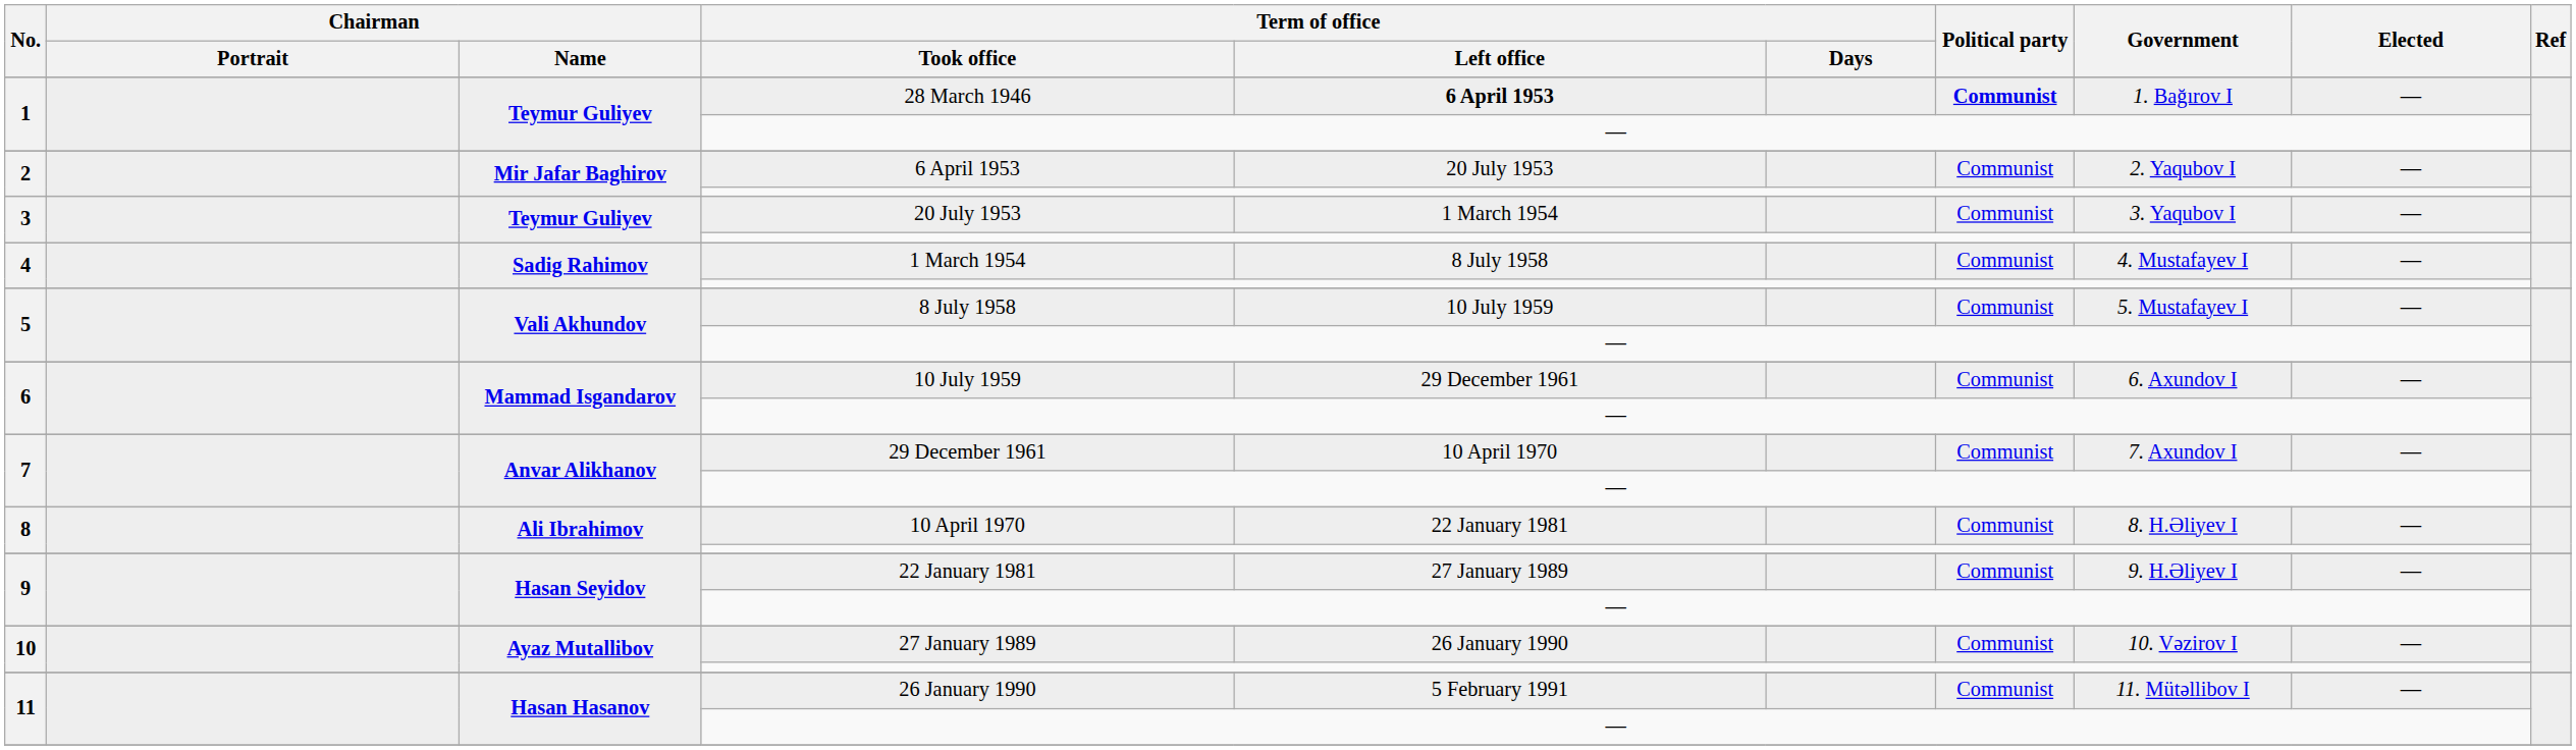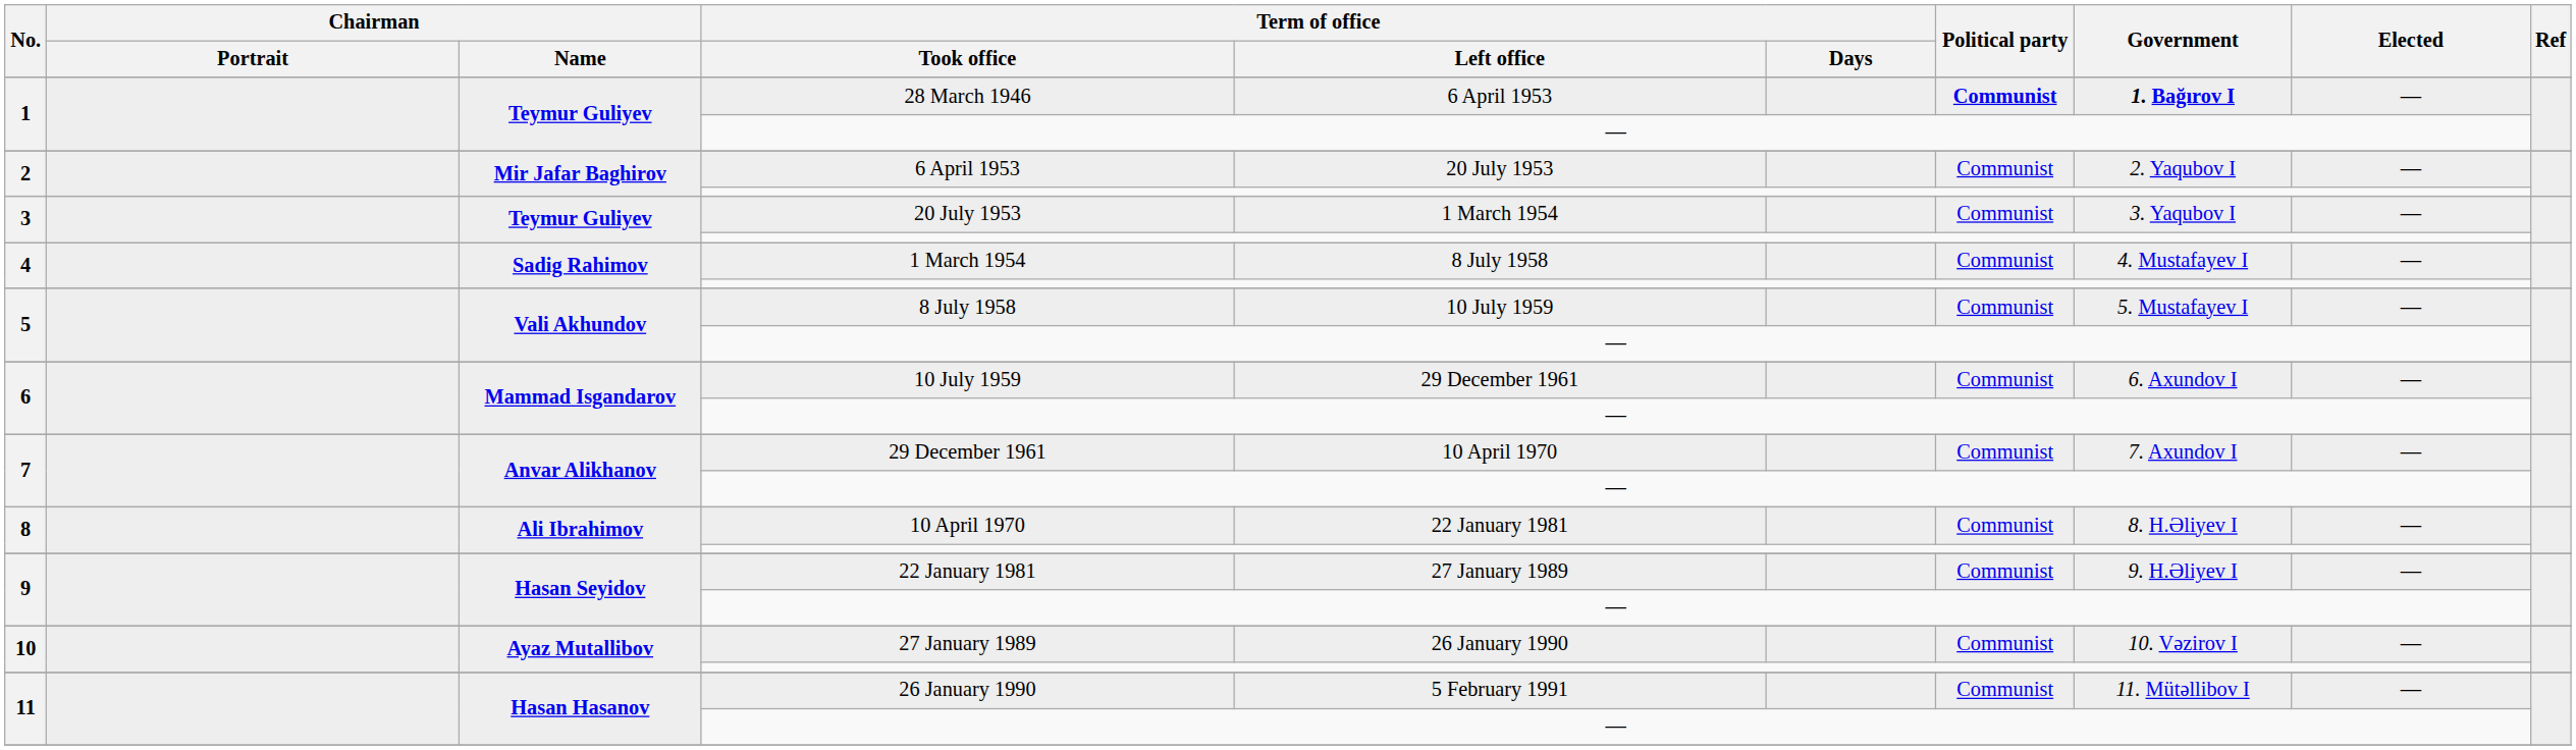 <table class="wikitable" style="text-align:center; line-height:130%;" width="100%">
 <tr>
 <th rowspan=2 style="width:25px;">No.</th>
 <th colspan=2 style="width:280px;">Chairman</th>
 <th colspan=3>Term of office</th>
 <th style="width:100px;" rowspan="2">Political party</th>
 <th style="width:160px;" rowspan="2">Government</th>
 <th rowspan=2>Elected</th>
 <th rowspan=2 style="width:20px;">Ref</th>
 </tr>
 <tr>
 <th>Portrait</th>
 <th width=180px>Name</th>
 <th>Took office</th>
 <th>Left office</th>
 <th>Days</th>
 </tr>
 <tr>
 </tr>
 <tr bgcolor=#EEEEEE>
 <th rowspan=2 style="background:">1</th>
 <td rowspan=2></td>
 <td rowspan=2><strong><a href='#'>Teymur Guliyev</a></strong><br></td>
 <td>28 March 1946</td>
-<td><strong>6 April 1953</strong></td>
+<td>6 April 1953</td>
 <td></td>
 <td style="background:"><strong><span><a href='#'>Communist</a> </span></strong></td>
-<td><em>1.</em> <a href='#'>Bağırov I</a></td>
+<td><strong><em>1.</em> <a href='#'>Bağırov I</a></strong></td>
 <td>—</td>
 <td rowspan=2></td>
 </tr>
 <tr>
 <td colspan=6 align=center>—</td>
 </tr>
 <tr bgcolor=#EEEEEE>
 </tr>
 <tr>
 </tr>
 <tr bgcolor=#EEEEEE>
 <th rowspan=2 style="background:">2</th>
 <td rowspan=2></td>
 <td rowspan=2><strong><a href='#'>Mir Jafar Baghirov</a></strong><br></td>
 <td>6 April 1953</td>
 <td>20 July 1953</td>
 <td></td>
 <td style="background:"><span><a href='#'>Communist</a> </span></td>
 <td><em>2.</em> <a href='#'>Yaqubov I</a></td>
 <td>—</td>
 <td rowspan=2></td>
 </tr>
 <tr>
 <td colspan=6 align=left></td>
 </tr>
 <tr bgcolor=#EEEEEE>
 </tr>
 <tr>
 </tr>
 <tr bgcolor=#EEEEEE>
 <th rowspan=2 style="background:">3</th>
 <td rowspan=2></td>
 <td rowspan=2><strong><a href='#'>Teymur Guliyev</a></strong><br></td>
 <td>20 July 1953</td>
 <td>1 March 1954</td>
 <td></td>
 <td style="background:"><span><a href='#'>Communist</a> </span></td>
 <td><em>3.</em> <a href='#'>Yaqubov I</a></td>
 <td>—</td>
 <td rowspan=2></td>
 </tr>
 <tr>
 <td colspan=6 align=left></td>
 </tr>
 <tr bgcolor=#EEEEEE>
 </tr>
 <tr>
 </tr>
 <tr bgcolor=#EEEEEE>
 <th rowspan=2 style="background:">4</th>
 <td rowspan=2></td>
 <td rowspan=2><strong><a href='#'>Sadig Rahimov</a></strong><br></td>
 <td>1 March 1954</td>
 <td>8 July 1958</td>
 <td></td>
 <td style="background:"><span><a href='#'>Communist</a> </span></td>
 <td><em>4.</em> <a href='#'>Mustafayev I</a></td>
 <td>—</td>
 <td rowspan=2></td>
 </tr>
 <tr>
 <td colspan=6 align=left></td>
 </tr>
 <tr bgcolor=#EEEEEE>
 </tr>
 <tr>
 </tr>
 <tr bgcolor=#EEEEEE>
 <th rowspan=2 style="background:">5</th>
 <td rowspan=2></td>
 <td rowspan=2><strong><a href='#'>Vali Akhundov</a></strong><br></td>
 <td>8 July 1958</td>
 <td>10 July 1959</td>
 <td></td>
 <td style="background:"><span><a href='#'>Communist</a> </span></td>
 <td><em>5.</em> <a href='#'>Mustafayev I</a></td>
 <td>—</td>
 <td rowspan=2></td>
 </tr>
 <tr>
 <td colspan=6 align=center>—</td>
 </tr>
 <tr bgcolor=#EEEEEE>
 </tr>
 <tr>
 </tr>
 <tr bgcolor=#EEEEEE>
 <th rowspan=2 style="background:">6</th>
 <td rowspan=2></td>
 <td rowspan=2><strong><a href='#'>Mammad Isgandarov</a></strong><br></td>
 <td>10 July 1959</td>
 <td>29 December 1961</td>
 <td></td>
 <td style="background:"><span><a href='#'>Communist</a> </span></td>
 <td><em>6.</em> <a href='#'>Axundov I</a></td>
 <td>—</td>
 <td rowspan=2></td>
 </tr>
 <tr>
 <td colspan=6 align=center>—</td>
 </tr>
 <tr bgcolor=#EEEEEE>
 </tr>
 <tr>
 </tr>
 <tr bgcolor=#EEEEEE>
 <th rowspan=2 style="background:">7</th>
 <td rowspan=2></td>
 <td rowspan=2><strong><a href='#'>Anvar Alikhanov</a></strong><br></td>
 <td>29 December 1961</td>
 <td>10 April 1970</td>
 <td></td>
 <td style="background:"><span><a href='#'>Communist</a> </span></td>
 <td><em>7.</em> <a href='#'>Axundov I</a></td>
 <td>—</td>
 <td rowspan=2></td>
 </tr>
 <tr>
 <td colspan=6 align=center>—</td>
 </tr>
 <tr bgcolor=#EEEEEE>
 </tr>
 <tr>
 </tr>
 <tr bgcolor=#EEEEEE>
 <th rowspan=2 style="background:">8</th>
 <td rowspan=2></td>
 <td rowspan=2><strong><a href='#'>Ali Ibrahimov</a></strong><br></td>
 <td>10 April 1970</td>
 <td>22 January 1981</td>
 <td></td>
 <td style="background:"><span><a href='#'>Communist</a> </span></td>
 <td><em>8.</em> <a href='#'>H.Əliyev I</a></td>
 <td>—</td>
 <td rowspan=2></td>
 </tr>
 <tr>
 <td colspan=6 align=left></td>
 </tr>
 <tr bgcolor=#EEEEEE>
 </tr>
 <tr>
 </tr>
 <tr bgcolor=#EEEEEE>
 <th rowspan=2 style="background:">9</th>
 <td rowspan=2></td>
 <td rowspan=2><strong><a href='#'>Hasan Seyidov</a></strong><br></td>
 <td>22 January 1981</td>
 <td>27 January 1989</td>
 <td></td>
 <td style="background:"><span><a href='#'>Communist</a> </span></td>
 <td><em>9.</em> <a href='#'>H.Əliyev I</a></td>
 <td>—</td>
 <td rowspan=2></td>
 </tr>
 <tr>
 <td colspan=6 align=center>—</td>
 </tr>
 <tr bgcolor=#EEEEEE>
 </tr>
 <tr>
 </tr>
 <tr bgcolor=#EEEEEE>
 <th rowspan=2 style="background:">10</th>
 <td rowspan=2></td>
 <td rowspan=2><strong><a href='#'>Ayaz Mutallibov</a></strong><br></td>
 <td>27 January 1989</td>
 <td>26 January 1990</td>
 <td></td>
 <td style="background:"><span><a href='#'>Communist</a> </span></td>
 <td><em>10.</em> <a href='#'>Vəzirov I</a></td>
 <td>—</td>
 <td rowspan=2></td>
 </tr>
 <tr>
 <td colspan=6 align=center></td>
 </tr>
 <tr bgcolor=#EEEEEE>
 </tr>
 <tr>
 </tr>
 <tr bgcolor=#EEEEEE>
 <th rowspan=2 style="background:">11</th>
 <td rowspan=2></td>
 <td rowspan=2><strong><a href='#'>Hasan Hasanov</a></strong><br></td>
 <td>26 January 1990</td>
 <td>5 February 1991</td>
 <td></td>
 <td style="background:"><span><a href='#'>Communist</a> </span></td>
 <td><em>11.</em> <a href='#'>Mütəllibov I</a></td>
 <td>—</td>
 <td rowspan=2></td>
 </tr>
 <tr>
 <td colspan=6 align=center>—</td>
 </tr>
 <tr bgcolor=#EEEEEE>
 </tr>
 <tr>
 </tr>
 </table>
